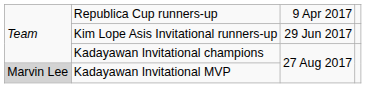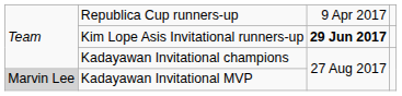 <table class=wikitable>
 <tr>
 <td rowspan=3><em>Team</em></td>
 <td>Republica Cup runners-up</td>
 <td align=right>9 Apr 2017</td>
 <td align=center></td>
 </tr>
 <tr>
 <td>Kim Lope Asis Invitational runners-up</td>
-<td align=right>29 Jun 2017</td>
+<td align=right><strong>29 Jun 2017</strong></td>
 <td align=center></td>
 </tr>
 <tr>
 <td>Kadayawan Invitational champions</td>
 <td align=right rowspan=2>27 Aug 2017</td>
 <td align=center rowspan=2></td>
 </tr>
 <tr>
 <td style="background: lightgrey;">Marvin Lee</td>
 <td>Kadayawan Invitational MVP</td>
 </tr>
 </table>
